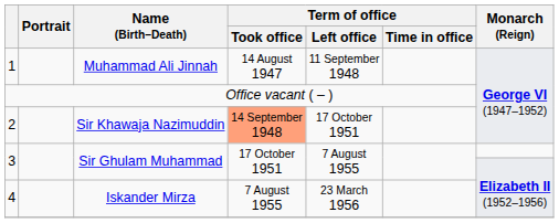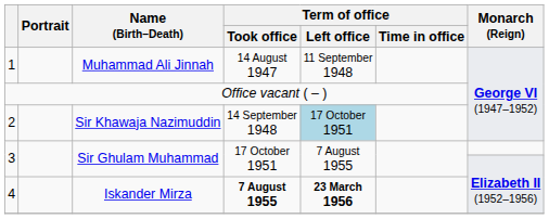 <table class="wikitable" style="text-align:center;">
 <tr>
 <th rowspan="2"></th>
 <th rowspan="2">Portrait</th>
 <th rowspan="2">Name<br><small>(Birth–Death)</small></th>
 <th colspan="3">Term of office</th>
 <th rowspan="2">Monarch<br><small>(Reign)</small></th>
 </tr>
 <tr>
 <th>Took office</th>
 <th>Left office</th>
 <th>Time in office</th>
 </tr>
 <tr>
 <td>1</td>
 <td></td>
 <td><a href='#'>Muhammad Ali Jinnah</a><br></td>
 <td><small>14 August</small><br>1947</td>
 <td><small>11 September</small><br>1948</td>
 <td></td>
 <td rowspan="3" style="background:#eaecf0"><br><strong><a href='#'>George VI</a></strong><br><small>(1947–1952)</small></td>
 </tr>
 <tr>
 <td colspan="10"><em>Office vacant</em> ( – )</td>
 </tr>
 <tr>
 <td>2</td>
 <td></td>
 <td><a href='#'>Sir Khawaja Nazimuddin</a><br></td>
-<td style="background: lightsalmon;"><small>14 September</small><br>1948</td>
-<td><small>17 October</small><br>1951</td>
+<td><small>14 September</small><br>1948</td>
+<td style="background: lightblue;"><small>17 October</small><br>1951</td>
 <td></td>
 </tr>
 <tr style="height:2ex">
 <td rowspan="2">3</td>
 <td rowspan="2"></td>
 <td rowspan="2"><a href='#'>Sir Ghulam Muhammad</a><br></td>
 <td rowspan="2"><small>17 October</small><br>1951</td>
 <td rowspan="2"><small>7 August</small><br>1955</td>
 <td rowspan="2"></td>
 </tr>
 <tr>
 <td rowspan="2" style="background:#eaecf0"><br><strong><a href='#'>Elizabeth II</a></strong><br><small>(1952–1956)</small></td>
 </tr>
 <tr>
 <td>4</td>
 <td></td>
 <td><a href='#'>Iskander Mirza</a><br></td>
-<td><small>7 August</small><br>1955</td>
-<td><small>23 March</small><br>1956</td>
+<td><strong><small>7 August</small><br>1955</strong></td>
+<td><strong><small>23 March</small><br>1956</strong></td>
 <td></td>
 </tr>
 <tr>
 </tr>
 </table>
